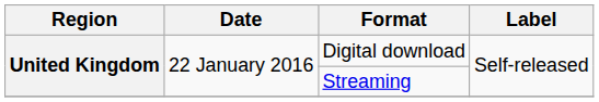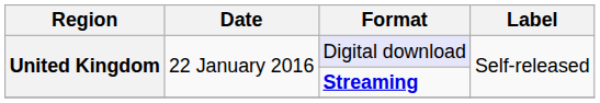 <table class="wikitable sortable plainrowheaders">
 <tr>
 <th scope="col">Region</th>
 <th scope="col">Date</th>
 <th scope="col">Format</th>
 <th scope="col">Label</th>
 </tr>
 <tr>
 <th scope="row" rowspan=2>United Kingdom</th>
 <td rowspan="2">22 January 2016</td>
-<td>Digital download</td>
+<td style="background: lavender;">Digital download</td>
 <td rowspan="2">Self-released</td>
 </tr>
 <tr>
-<td><a href='#'>Streaming</a></td>
+<td><strong><a href='#'>Streaming</a></strong></td>
 </tr>
 <tr>
 </tr>
 </table>
